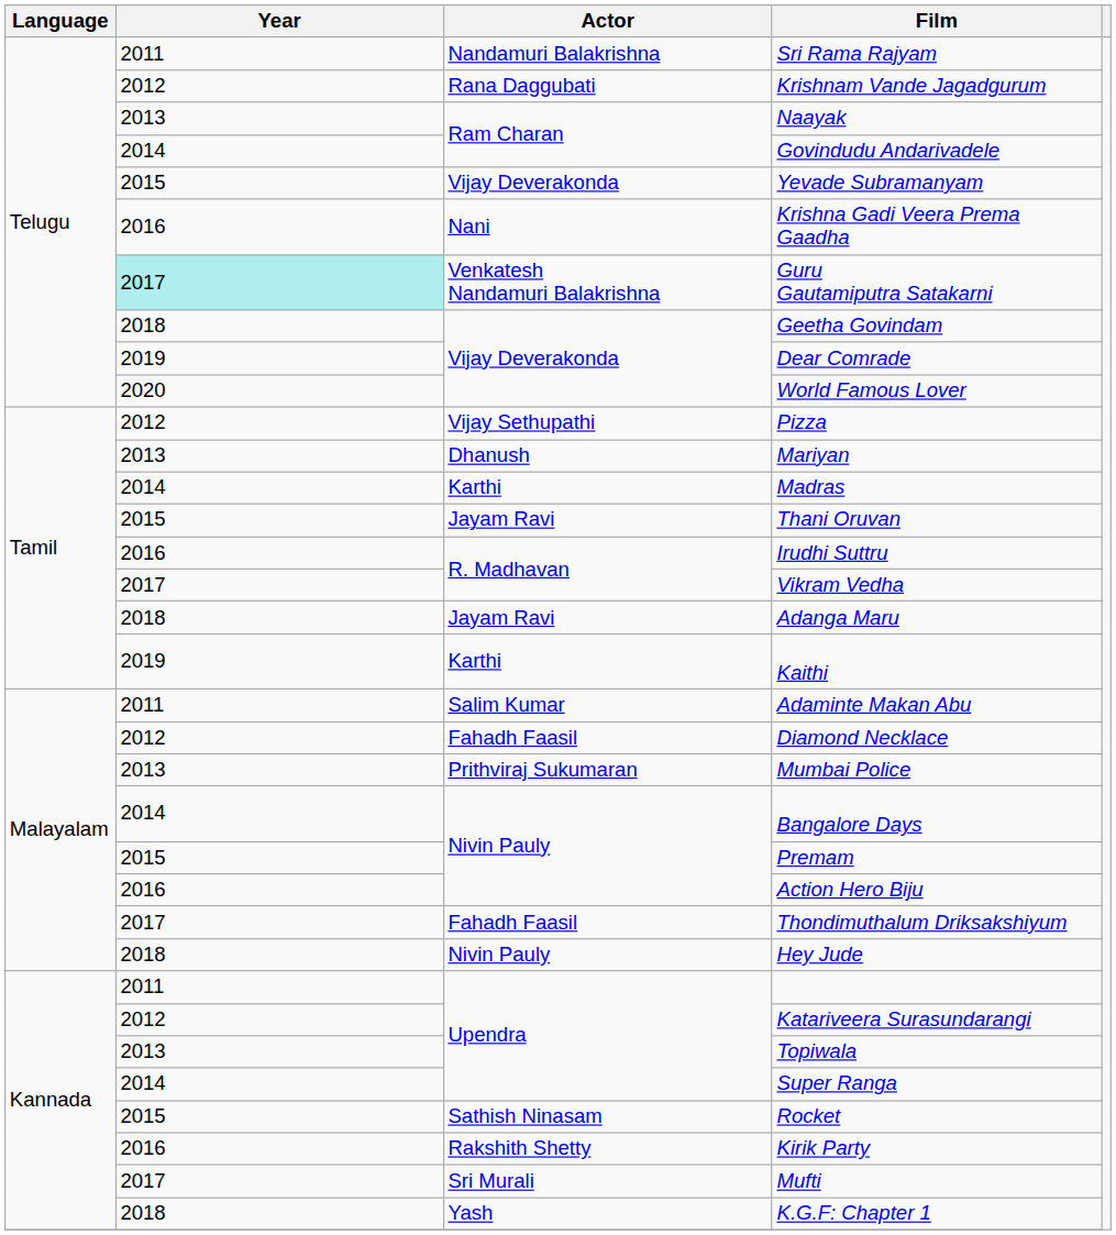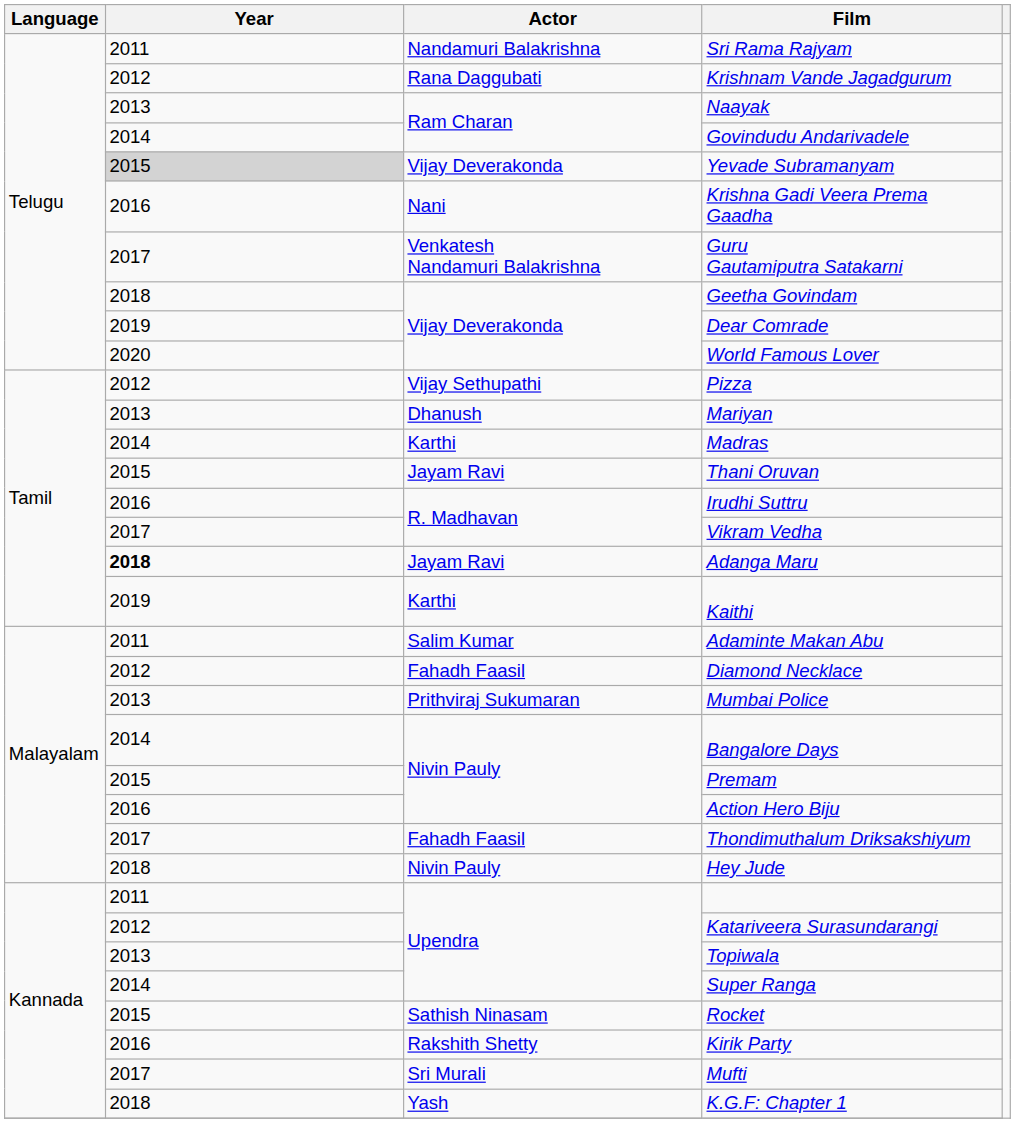 <table class="wikitable sortable" style="text-align:left;">
 <tr>
 <th scope="col" style="width:10%;">Language</th>
 <th scope="col" style="width:30%;">Year</th>
 <th scope="col" style="width:30%;">Actor</th>
 <th scope="col" style="width:30%;">Film</th>
 <th scope="col" style="width:2%;" class="unsortable"></th>
 </tr>
 <tr>
 <td rowspan=10>Telugu</td>
 <td>2011</td>
 <td><a href='#'>Nandamuri Balakrishna</a></td>
 <td><em><a href='#'>Sri Rama Rajyam</a></em></td>
 </tr>
 <tr>
 <td>2012</td>
 <td><a href='#'>Rana Daggubati</a></td>
 <td><em><a href='#'>Krishnam Vande Jagadgurum</a></em></td>
 </tr>
 <tr>
 <td>2013</td>
 <td rowspan="2"><a href='#'>Ram Charan</a></td>
 <td><em><a href='#'>Naayak</a></em></td>
 </tr>
 <tr>
 <td>2014</td>
 <td><em><a href='#'>Govindudu Andarivadele</a></em></td>
 </tr>
 <tr>
-<td>2015</td>
+<td style="background: lightgrey;">2015</td>
 <td><a href='#'>Vijay Deverakonda</a></td>
 <td><em><a href='#'>Yevade Subramanyam</a></em></td>
 </tr>
 <tr>
 <td>2016</td>
 <td><a href='#'>Nani</a></td>
 <td><em><a href='#'>Krishna Gadi Veera Prema Gaadha</a></em></td>
 </tr>
 <tr>
-<td style="background: paleturquoise;">2017</td>
+<td>2017</td>
 <td><a href='#'>Venkatesh</a> <br><a href='#'>Nandamuri Balakrishna</a></td>
 <td><a href='#'><em>Guru</em></a><br><a href='#'><em>Gautamiputra Satakarni</em></a></td>
 </tr>
 <tr>
 <td>2018</td>
 <td rowspan="3"><a href='#'>Vijay Deverakonda</a></td>
 <td><em><a href='#'>Geetha Govindam</a></em></td>
 </tr>
 <tr>
 <td>2019</td>
 <td><em><a href='#'>Dear Comrade</a></em></td>
 </tr>
 <tr>
 <td>2020</td>
 <td><em><a href='#'>World Famous Lover</a></em></td>
 </tr>
 <tr>
 <td rowspan=8>Tamil</td>
 <td>2012</td>
 <td><a href='#'>Vijay Sethupathi</a></td>
 <td><a href='#'><em>Pizza</em></a></td>
 </tr>
 <tr>
 <td>2013</td>
 <td><a href='#'>Dhanush</a></td>
 <td><a href='#'><em>Mariyan</em></a></td>
 </tr>
 <tr>
 <td>2014</td>
 <td><a href='#'>Karthi</a></td>
 <td><a href='#'><em>Madras</em></a></td>
 </tr>
 <tr>
 <td>2015</td>
 <td><a href='#'>Jayam Ravi</a></td>
 <td><em><a href='#'>Thani Oruvan</a></em></td>
 </tr>
 <tr>
 <td>2016</td>
 <td rowspan="2"><a href='#'>R. Madhavan</a></td>
 <td><em><a href='#'>Irudhi Suttru</a></em></td>
 </tr>
 <tr>
 <td>2017</td>
 <td><em><a href='#'>Vikram Vedha</a></em></td>
 </tr>
 <tr>
-<td>2018</td>
+<td><strong>2018</strong></td>
 <td><a href='#'>Jayam Ravi</a></td>
 <td><em><a href='#'>Adanga Maru</a></em></td>
 </tr>
 <tr>
 <td>2019</td>
 <td><a href='#'>Karthi</a></td>
 <td><br><a href='#'><em>Kaithi</em></a></td>
 </tr>
 <tr>
 <td Rowspan=8>Malayalam</td>
 <td>2011</td>
 <td><a href='#'>Salim Kumar</a></td>
 <td><em><a href='#'>Adaminte Makan Abu</a></em></td>
 </tr>
 <tr>
 <td>2012</td>
 <td><a href='#'>Fahadh Faasil</a></td>
 <td><a href='#'><em>Diamond Necklace</em></a></td>
 </tr>
 <tr>
 <td>2013</td>
 <td><a href='#'>Prithviraj Sukumaran</a></td>
 <td><a href='#'><em>Mumbai Police</em></a></td>
 </tr>
 <tr>
 <td>2014</td>
 <td rowspan="3"><a href='#'>Nivin Pauly</a></td>
 <td><br><em><a href='#'>Bangalore Days</a></em></td>
 </tr>
 <tr>
 <td>2015</td>
 <td><em><a href='#'>Premam</a></em></td>
 </tr>
 <tr>
 <td>2016</td>
 <td><em><a href='#'>Action Hero Biju</a></em></td>
 </tr>
 <tr>
 <td>2017</td>
 <td><a href='#'>Fahadh Faasil</a></td>
 <td><em><a href='#'>Thondimuthalum Driksakshiyum</a></em></td>
 </tr>
 <tr>
 <td>2018</td>
 <td><a href='#'>Nivin Pauly</a></td>
 <td><em><a href='#'>Hey Jude</a></em></td>
 </tr>
 <tr>
 <td Rowspan=8>Kannada</td>
 <td>2011</td>
 <td rowspan="4"><a href='#'>Upendra</a></td>
 <td></td>
 </tr>
 <tr>
 <td>2012</td>
 <td><a href='#'><em>Katariveera Surasundarangi</em></a></td>
 </tr>
 <tr>
 <td>2013</td>
 <td><em><a href='#'>Topiwala</a></em></td>
 </tr>
 <tr>
 <td>2014</td>
 <td><em><a href='#'>Super Ranga</a></em></td>
 </tr>
 <tr>
 <td>2015</td>
 <td><a href='#'>Sathish Ninasam</a></td>
 <td><a href='#'><em>Rocket</em></a></td>
 </tr>
 <tr>
 <td>2016</td>
 <td><a href='#'>Rakshith Shetty</a></td>
 <td><em><a href='#'>Kirik Party</a></em></td>
 </tr>
 <tr>
 <td>2017</td>
 <td><a href='#'>Sri Murali</a></td>
 <td><a href='#'><em>Mufti</em></a></td>
 </tr>
 <tr>
 <td>2018</td>
 <td><a href='#'>Yash</a></td>
 <td><em><a href='#'>K.G.F: Chapter 1</a></em></td>
 </tr>
 <tr>
 </tr>
 </table>
